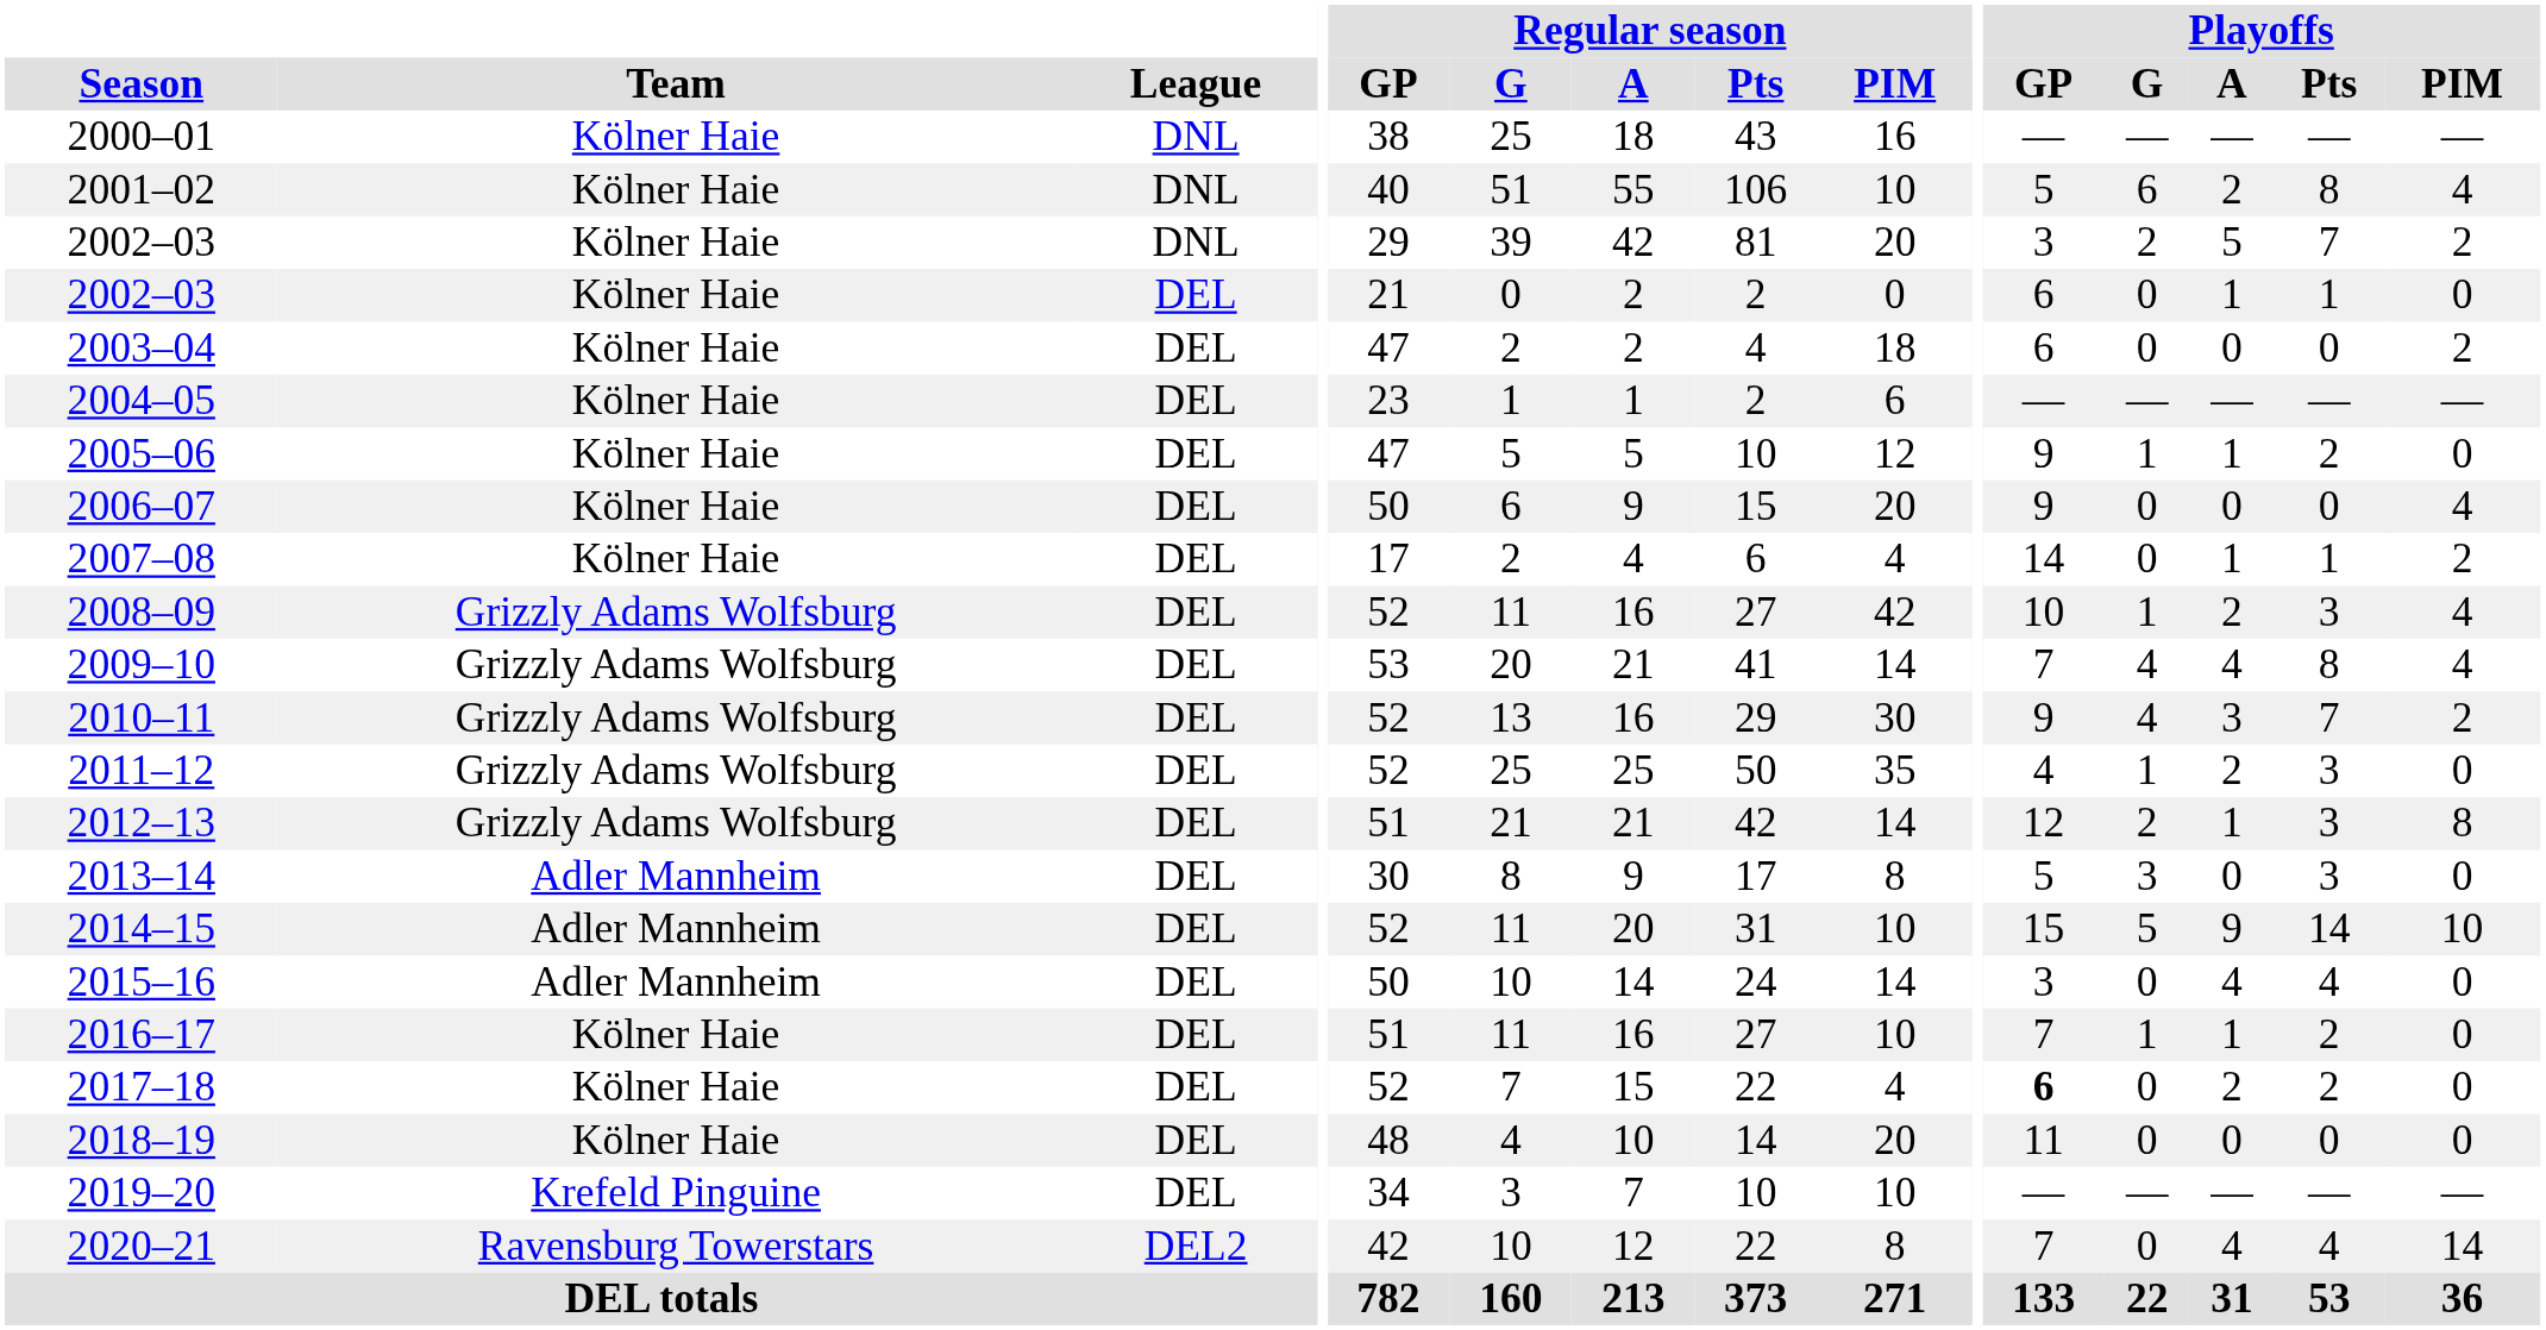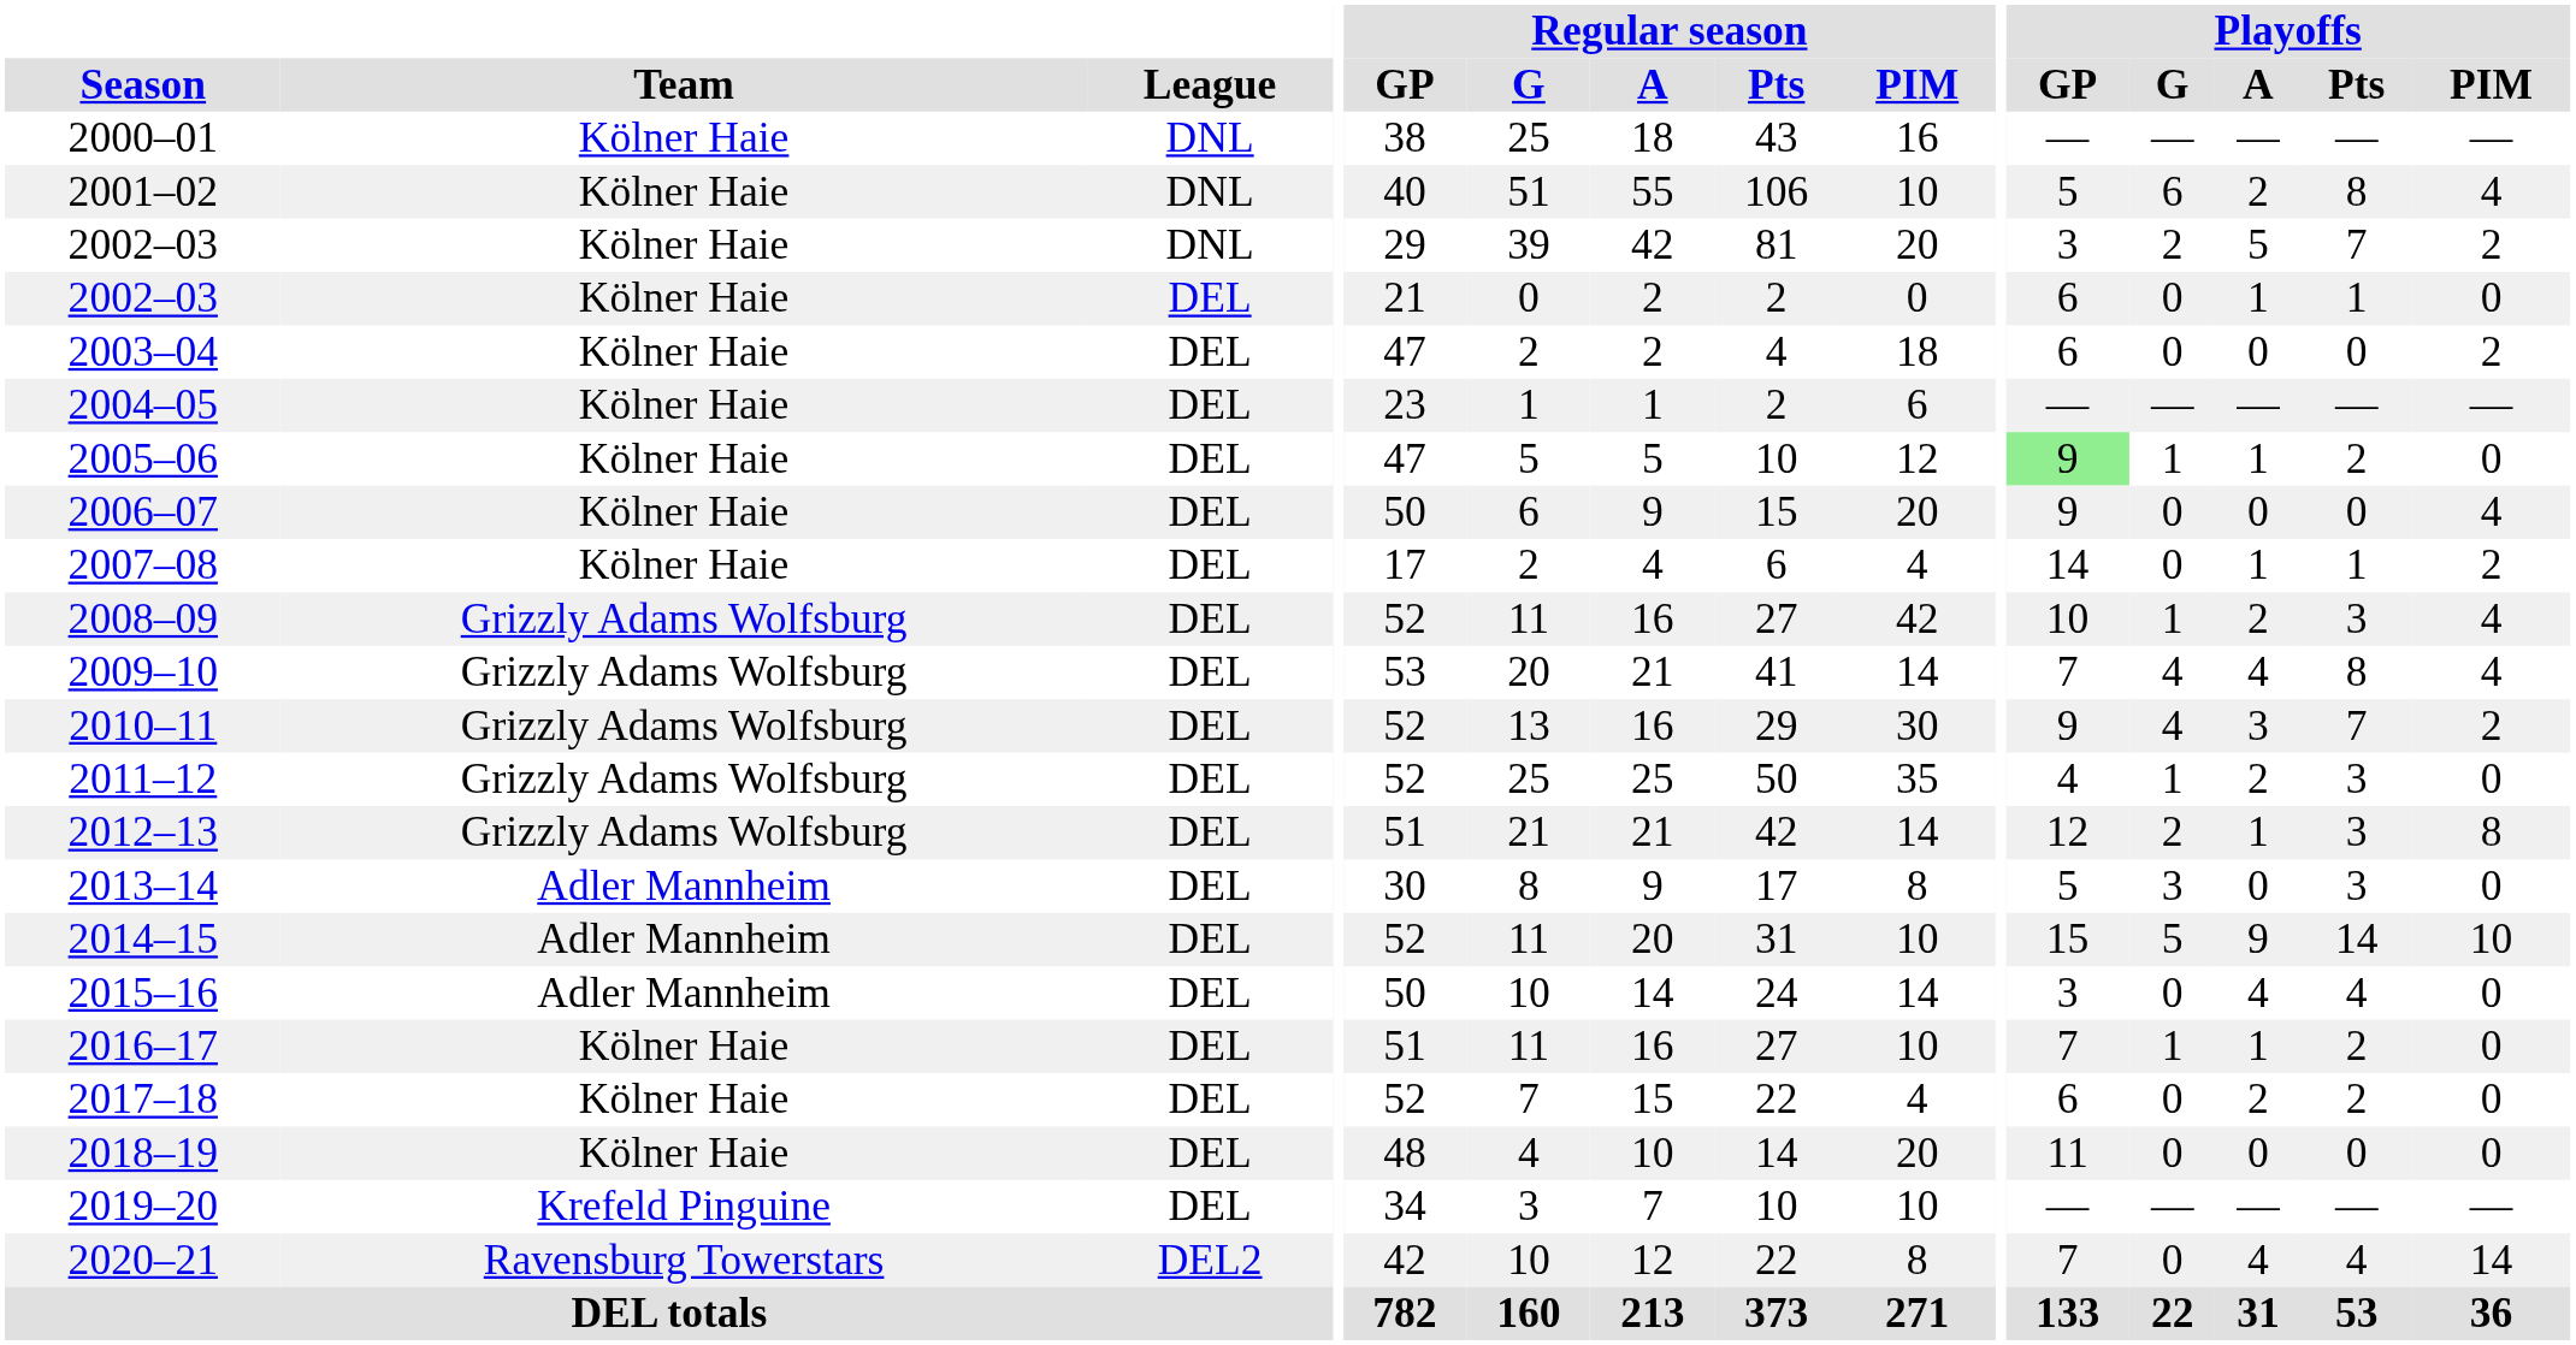 <table border="0" cellpadding="1" cellspacing="0" style="text-align:center; width:60em">
 <tr bgcolor="#e0e0e0">
 <th colspan="3" bgcolor="#ffffff"></th>
 <th rowspan="99" bgcolor="#ffffff"></th>
 <th colspan="5"><a href='#'>Regular season</a></th>
 <th rowspan="99" bgcolor="#ffffff"></th>
 <th colspan="5"><a href='#'>Playoffs</a></th>
 </tr>
 <tr bgcolor="#e0e0e0">
 <th><a href='#'>Season</a></th>
 <th>Team</th>
 <th>League</th>
 <th>GP</th>
 <th><a href='#'>G</a></th>
 <th><a href='#'>A</a></th>
 <th><a href='#'>Pts</a></th>
 <th><a href='#'>PIM</a></th>
 <th>GP</th>
 <th>G</th>
 <th>A</th>
 <th>Pts</th>
 <th>PIM</th>
 </tr>
 <tr>
 <td>2000–01</td>
 <td><a href='#'>Kölner Haie</a></td>
 <td><a href='#'>DNL</a></td>
 <td>38</td>
 <td>25</td>
 <td>18</td>
 <td>43</td>
 <td>16</td>
 <td>—</td>
 <td>—</td>
 <td>—</td>
 <td>—</td>
 <td>—</td>
 </tr>
 <tr bgcolor="#f0f0f0">
 <td>2001–02</td>
 <td>Kölner Haie</td>
 <td>DNL</td>
 <td>40</td>
 <td>51</td>
 <td>55</td>
 <td>106</td>
 <td>10</td>
 <td>5</td>
 <td>6</td>
 <td>2</td>
 <td>8</td>
 <td>4</td>
 </tr>
 <tr>
 <td>2002–03</td>
 <td>Kölner Haie</td>
 <td>DNL</td>
 <td>29</td>
 <td>39</td>
 <td>42</td>
 <td>81</td>
 <td>20</td>
 <td>3</td>
 <td>2</td>
 <td>5</td>
 <td>7</td>
 <td>2</td>
 </tr>
 <tr bgcolor="#f0f0f0">
 <td><a href='#'>2002–03</a></td>
 <td>Kölner Haie</td>
 <td><a href='#'>DEL</a></td>
 <td>21</td>
 <td>0</td>
 <td>2</td>
 <td>2</td>
 <td>0</td>
 <td>6</td>
 <td>0</td>
 <td>1</td>
 <td>1</td>
 <td>0</td>
 </tr>
 <tr>
 <td><a href='#'>2003–04</a></td>
 <td>Kölner Haie</td>
 <td>DEL</td>
 <td>47</td>
 <td>2</td>
 <td>2</td>
 <td>4</td>
 <td>18</td>
 <td>6</td>
 <td>0</td>
 <td>0</td>
 <td>0</td>
 <td>2</td>
 </tr>
 <tr bgcolor="#f0f0f0">
 <td><a href='#'>2004–05</a></td>
 <td>Kölner Haie</td>
 <td>DEL</td>
 <td>23</td>
 <td>1</td>
 <td>1</td>
 <td>2</td>
 <td>6</td>
 <td>—</td>
 <td>—</td>
 <td>—</td>
 <td>—</td>
 <td>—</td>
 </tr>
 <tr>
 <td><a href='#'>2005–06</a></td>
 <td>Kölner Haie</td>
 <td>DEL</td>
 <td>47</td>
 <td>5</td>
 <td>5</td>
 <td>10</td>
 <td>12</td>
-<td>9</td>
+<td style="background: lightgreen;">9</td>
 <td>1</td>
 <td>1</td>
 <td>2</td>
 <td>0</td>
 </tr>
 <tr bgcolor="#f0f0f0">
 <td><a href='#'>2006–07</a></td>
 <td>Kölner Haie</td>
 <td>DEL</td>
 <td>50</td>
 <td>6</td>
 <td>9</td>
 <td>15</td>
 <td>20</td>
 <td>9</td>
 <td>0</td>
 <td>0</td>
 <td>0</td>
 <td>4</td>
 </tr>
 <tr>
 <td><a href='#'>2007–08</a></td>
 <td>Kölner Haie</td>
 <td>DEL</td>
 <td>17</td>
 <td>2</td>
 <td>4</td>
 <td>6</td>
 <td>4</td>
 <td>14</td>
 <td>0</td>
 <td>1</td>
 <td>1</td>
 <td>2</td>
 </tr>
 <tr bgcolor="#f0f0f0">
 <td><a href='#'>2008–09</a></td>
 <td><a href='#'>Grizzly Adams Wolfsburg</a></td>
 <td>DEL</td>
 <td>52</td>
 <td>11</td>
 <td>16</td>
 <td>27</td>
 <td>42</td>
 <td>10</td>
 <td>1</td>
 <td>2</td>
 <td>3</td>
 <td>4</td>
 </tr>
 <tr>
 <td><a href='#'>2009–10</a></td>
 <td>Grizzly Adams Wolfsburg</td>
 <td>DEL</td>
 <td>53</td>
 <td>20</td>
 <td>21</td>
 <td>41</td>
 <td>14</td>
 <td>7</td>
 <td>4</td>
 <td>4</td>
 <td>8</td>
 <td>4</td>
 </tr>
 <tr bgcolor="#f0f0f0">
 <td><a href='#'>2010–11</a></td>
 <td>Grizzly Adams Wolfsburg</td>
 <td>DEL</td>
 <td>52</td>
 <td>13</td>
 <td>16</td>
 <td>29</td>
 <td>30</td>
 <td>9</td>
 <td>4</td>
 <td>3</td>
 <td>7</td>
 <td>2</td>
 </tr>
 <tr>
 <td><a href='#'>2011–12</a></td>
 <td>Grizzly Adams Wolfsburg</td>
 <td>DEL</td>
 <td>52</td>
 <td>25</td>
 <td>25</td>
 <td>50</td>
 <td>35</td>
 <td>4</td>
 <td>1</td>
 <td>2</td>
 <td>3</td>
 <td>0</td>
 </tr>
 <tr bgcolor="#f0f0f0">
 <td><a href='#'>2012–13</a></td>
 <td>Grizzly Adams Wolfsburg</td>
 <td>DEL</td>
 <td>51</td>
 <td>21</td>
 <td>21</td>
 <td>42</td>
 <td>14</td>
 <td>12</td>
 <td>2</td>
 <td>1</td>
 <td>3</td>
 <td>8</td>
 </tr>
 <tr>
 <td><a href='#'>2013–14</a></td>
 <td><a href='#'>Adler Mannheim</a></td>
 <td>DEL</td>
 <td>30</td>
 <td>8</td>
 <td>9</td>
 <td>17</td>
 <td>8</td>
 <td>5</td>
 <td>3</td>
 <td>0</td>
 <td>3</td>
 <td>0</td>
 </tr>
 <tr bgcolor="#f0f0f0">
 <td><a href='#'>2014–15</a></td>
 <td>Adler Mannheim</td>
 <td>DEL</td>
 <td>52</td>
 <td>11</td>
 <td>20</td>
 <td>31</td>
 <td>10</td>
 <td>15</td>
 <td>5</td>
 <td>9</td>
 <td>14</td>
 <td>10</td>
 </tr>
 <tr>
 <td><a href='#'>2015–16</a></td>
 <td>Adler Mannheim</td>
 <td>DEL</td>
 <td>50</td>
 <td>10</td>
 <td>14</td>
 <td>24</td>
 <td>14</td>
 <td>3</td>
 <td>0</td>
 <td>4</td>
 <td>4</td>
 <td>0</td>
 </tr>
 <tr bgcolor="#f0f0f0">
 <td><a href='#'>2016–17</a></td>
 <td>Kölner Haie</td>
 <td>DEL</td>
 <td>51</td>
 <td>11</td>
 <td>16</td>
 <td>27</td>
 <td>10</td>
 <td>7</td>
 <td>1</td>
 <td>1</td>
 <td>2</td>
 <td>0</td>
 </tr>
 <tr>
 <td><a href='#'>2017–18</a></td>
 <td>Kölner Haie</td>
 <td>DEL</td>
 <td>52</td>
 <td>7</td>
 <td>15</td>
 <td>22</td>
 <td>4</td>
-<td><strong>6</strong></td>
+<td>6</td>
 <td>0</td>
 <td>2</td>
 <td>2</td>
 <td>0</td>
 </tr>
 <tr bgcolor="#f0f0f0">
 <td><a href='#'>2018–19</a></td>
 <td>Kölner Haie</td>
 <td>DEL</td>
 <td>48</td>
 <td>4</td>
 <td>10</td>
 <td>14</td>
 <td>20</td>
 <td>11</td>
 <td>0</td>
 <td>0</td>
 <td>0</td>
 <td>0</td>
 </tr>
 <tr>
 <td><a href='#'>2019–20</a></td>
 <td><a href='#'>Krefeld Pinguine</a></td>
 <td>DEL</td>
 <td>34</td>
 <td>3</td>
 <td>7</td>
 <td>10</td>
 <td>10</td>
 <td>—</td>
 <td>—</td>
 <td>—</td>
 <td>—</td>
 <td>—</td>
 </tr>
 <tr bgcolor="#f0f0f0">
 <td><a href='#'>2020–21</a></td>
 <td><a href='#'>Ravensburg Towerstars</a></td>
 <td><a href='#'>DEL2</a></td>
 <td>42</td>
 <td>10</td>
 <td>12</td>
 <td>22</td>
 <td>8</td>
 <td>7</td>
 <td>0</td>
 <td>4</td>
 <td>4</td>
 <td>14</td>
 </tr>
 <tr bgcolor="#e0e0e0">
 <th colspan="3">DEL totals</th>
 <th>782</th>
 <th>160</th>
 <th>213</th>
 <th>373</th>
 <th>271</th>
 <th>133</th>
 <th>22</th>
 <th>31</th>
 <th>53</th>
 <th>36</th>
 </tr>
 </table>
